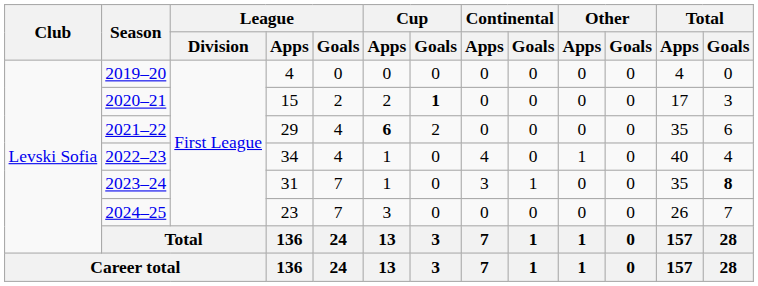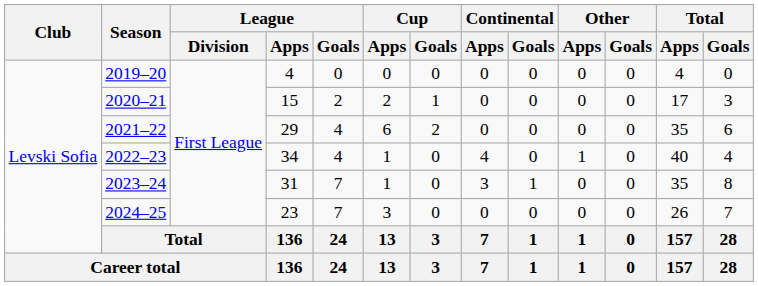 <table class="wikitable" style="text-align:center">
 <tr>
 <th rowspan="2">Club</th>
 <th rowspan="2">Season</th>
 <th colspan="3">League</th>
 <th colspan="2">Cup</th>
 <th colspan="2">Continental</th>
 <th colspan="2">Other</th>
 <th colspan="2">Total</th>
 </tr>
 <tr>
 <th>Division</th>
 <th>Apps</th>
 <th>Goals</th>
 <th>Apps</th>
 <th>Goals</th>
 <th>Apps</th>
 <th>Goals</th>
 <th>Apps</th>
 <th>Goals</th>
 <th>Apps</th>
 <th>Goals</th>
 </tr>
 <tr>
 <td rowspan="7"><a href='#'>Levski Sofia</a></td>
 <td><a href='#'>2019–20</a></td>
 <td rowspan="6"><a href='#'>First League</a></td>
 <td>4</td>
 <td>0</td>
 <td>0</td>
 <td>0</td>
 <td>0</td>
 <td>0</td>
 <td>0</td>
 <td>0</td>
 <td>4</td>
 <td>0</td>
 </tr>
 <tr>
 <td><a href='#'>2020–21</a></td>
 <td>15</td>
 <td>2</td>
 <td>2</td>
-<td><strong>1</strong></td>
+<td>1</td>
 <td>0</td>
 <td>0</td>
 <td>0</td>
 <td>0</td>
 <td>17</td>
 <td>3</td>
 </tr>
 <tr>
 <td><a href='#'>2021–22</a></td>
 <td>29</td>
 <td>4</td>
-<td><strong>6</strong></td>
+<td>6</td>
 <td>2</td>
 <td>0</td>
 <td>0</td>
 <td>0</td>
 <td>0</td>
 <td>35</td>
 <td>6</td>
 </tr>
 <tr>
 <td><a href='#'>2022–23</a></td>
 <td>34</td>
 <td>4</td>
 <td>1</td>
 <td>0</td>
 <td>4</td>
 <td>0</td>
 <td>1</td>
 <td>0</td>
 <td>40</td>
 <td>4</td>
 </tr>
 <tr>
 <td><a href='#'>2023–24</a></td>
 <td>31</td>
 <td>7</td>
 <td>1</td>
 <td>0</td>
 <td>3</td>
 <td>1</td>
 <td>0</td>
 <td>0</td>
 <td>35</td>
-<td><strong>8</strong></td>
+<td>8</td>
 </tr>
 <tr>
 <td><a href='#'>2024–25</a></td>
 <td>23</td>
 <td>7</td>
 <td>3</td>
 <td>0</td>
 <td>0</td>
 <td>0</td>
 <td>0</td>
 <td>0</td>
 <td>26</td>
 <td>7</td>
 </tr>
 <tr>
 <th colspan="2">Total</th>
 <th>136</th>
 <th>24</th>
 <th>13</th>
 <th>3</th>
 <th>7</th>
 <th>1</th>
 <th>1</th>
 <th>0</th>
 <th>157</th>
 <th>28</th>
 </tr>
 <tr>
 <th colspan="3">Career total</th>
 <th>136</th>
 <th>24</th>
 <th>13</th>
 <th>3</th>
 <th>7</th>
 <th>1</th>
 <th>1</th>
 <th>0</th>
 <th>157</th>
 <th>28</th>
 </tr>
 </table>
